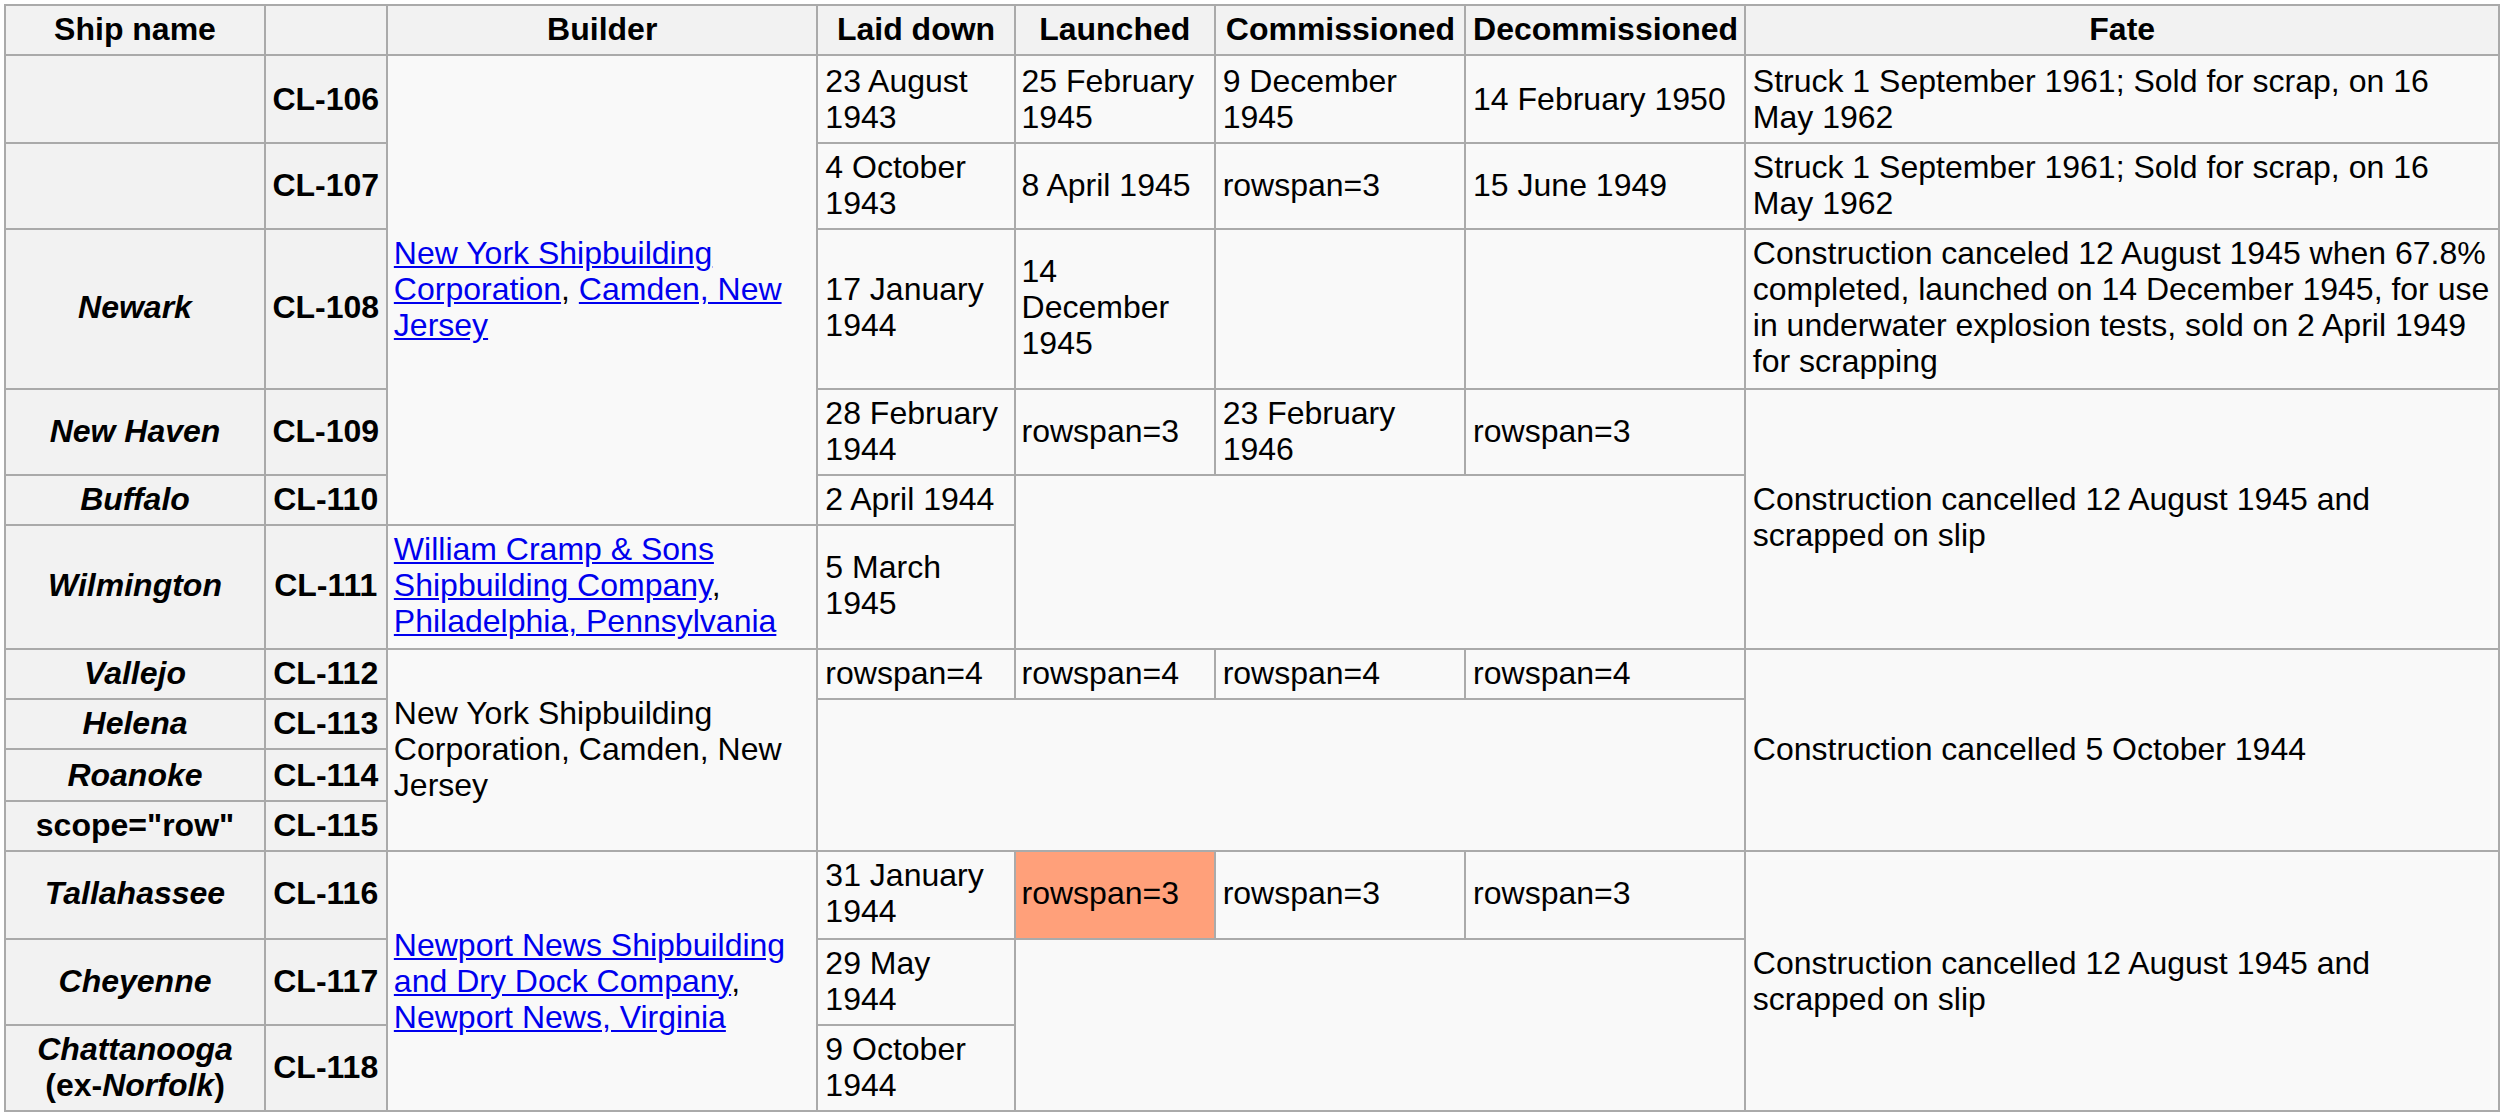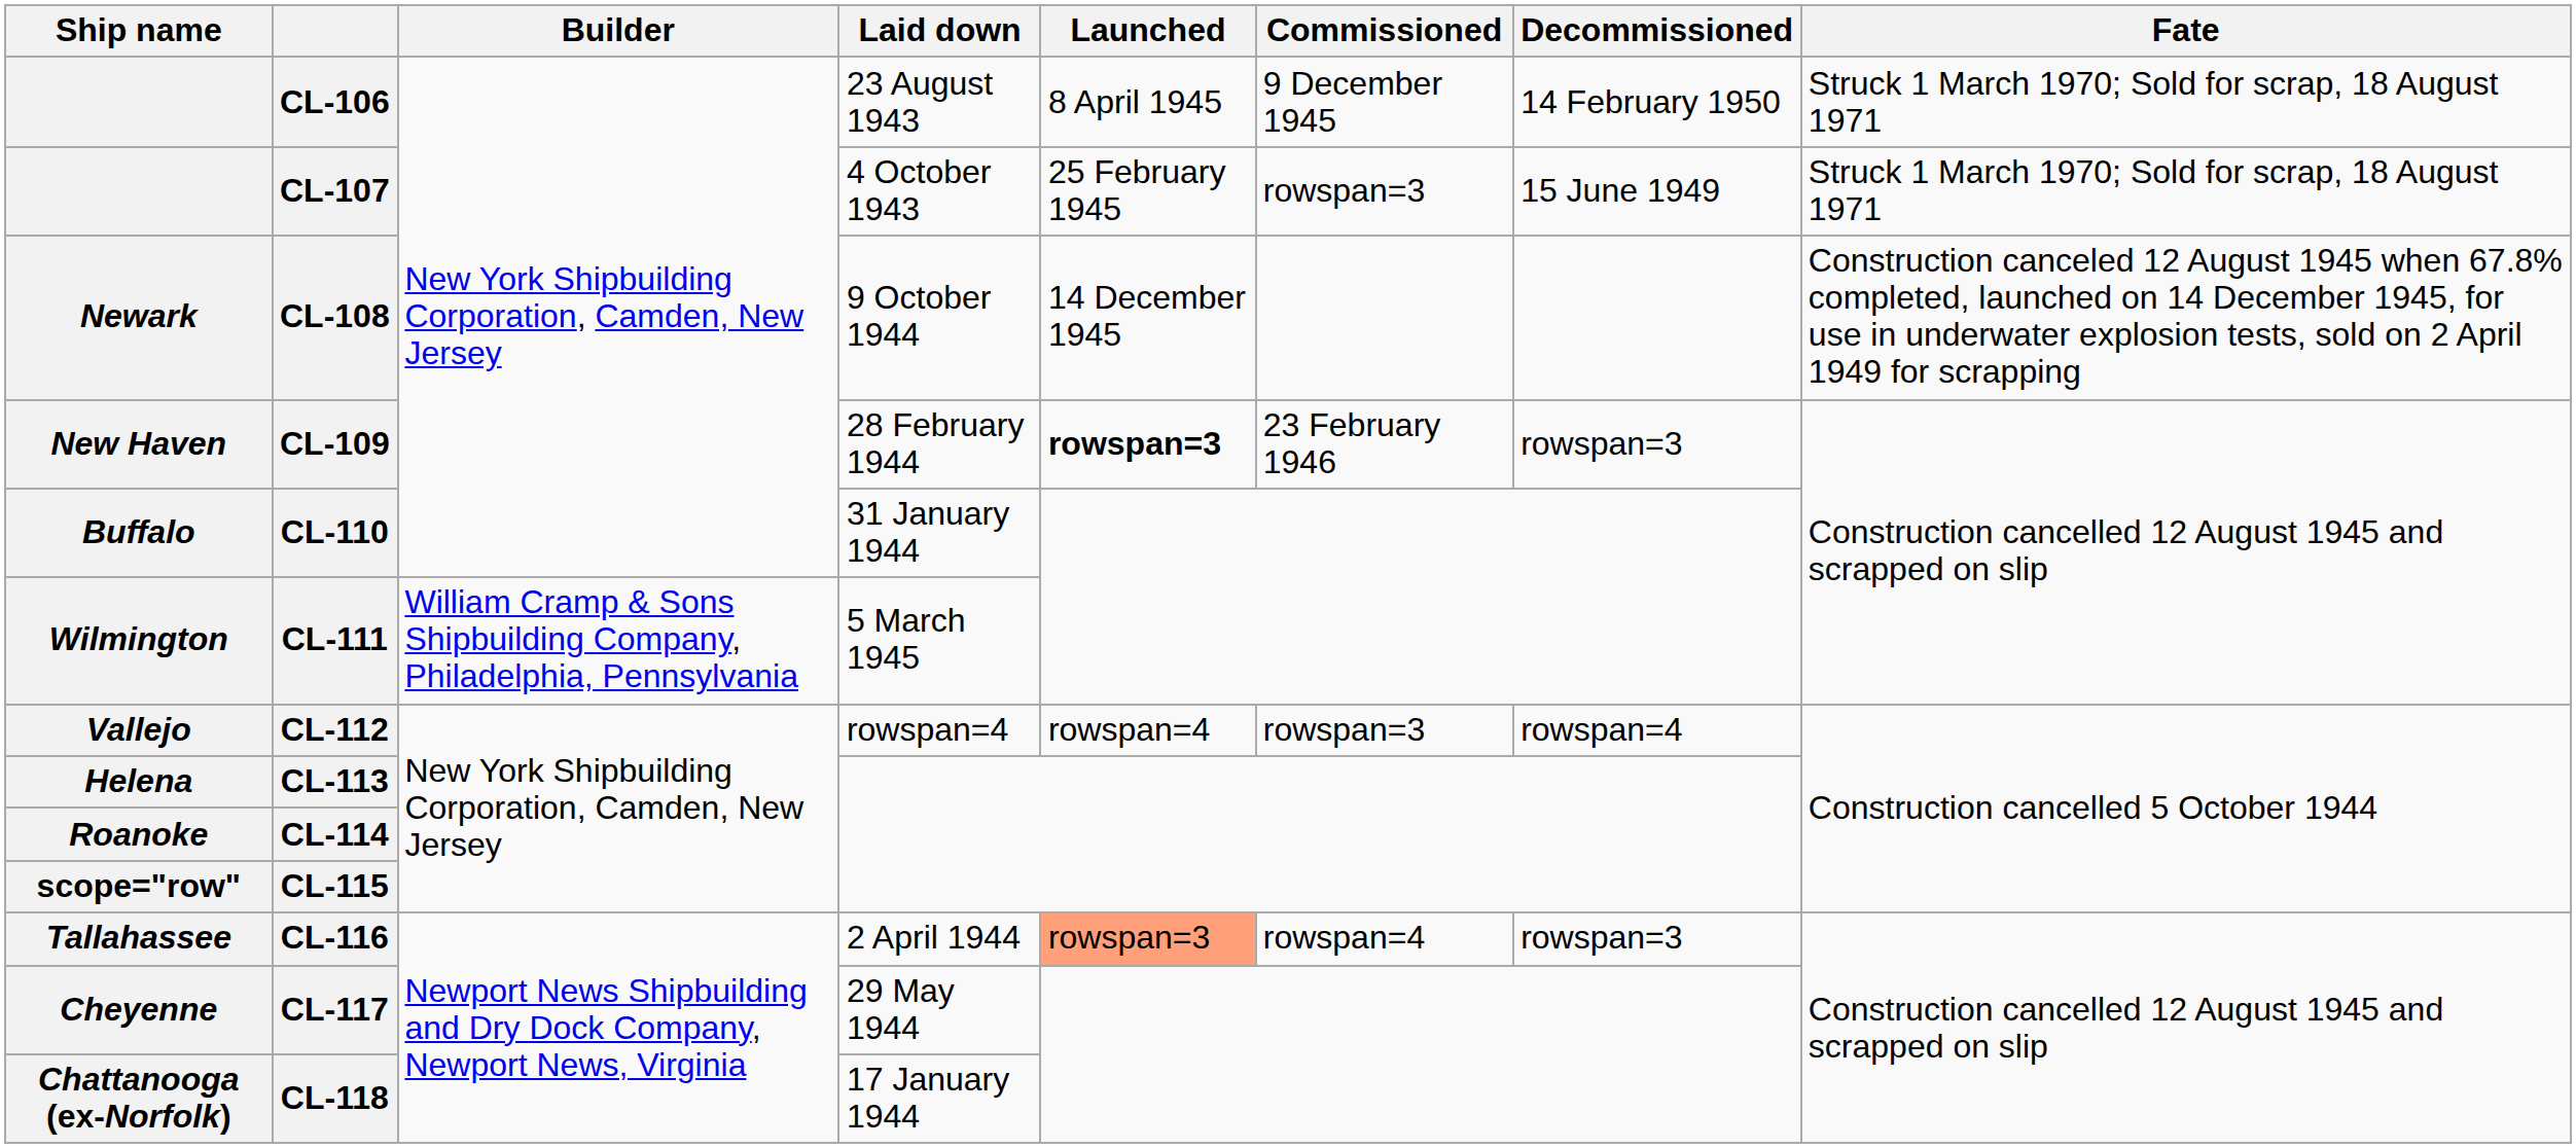 <table class="sortable wikitable plainrowheaders">
 <tr>
 <th scope="col">Ship name</th>
 <th scope="col"></th>
 <th scope="col">Builder</th>
 <th scope="col">Laid down</th>
 <th scope="col">Launched</th>
 <th scope="col">Commissioned</th>
 <th scope="col">Decommissioned</th>
 <th scope="col">Fate</th>
 </tr>
 <tr>
 <th scope="row"></th>
 <th scope="row" style="white-space: nowrap;">CL-106</th>
 <td rowspan=5><a href='#'>New York Shipbuilding Corporation</a>, <a href='#'>Camden, New Jersey</a></td>
 <td>23 August 1943</td>
-<td>25 February 1945</td>
+<td>8 April 1945</td>
 <td>9 December 1945</td>
 <td>14 February 1950</td>
-<td>Struck 1 September 1961; Sold for scrap, on 16 May 1962</td>
+<td>Struck 1 March 1970; Sold for scrap, 18 August 1971</td>
 </tr>
 <tr>
 <th scope="row"></th>
 <th scope="row">CL-107</th>
 <td>4 October 1943</td>
-<td>8 April 1945</td>
+<td>25 February 1945</td>
 <td>rowspan=3 </td>
 <td>15 June 1949</td>
-<td>Struck 1 September 1961; Sold for scrap, on 16 May 1962</td>
+<td>Struck 1 March 1970; Sold for scrap, 18 August 1971</td>
 </tr>
 <tr>
 <th scope="row"><em>Newark</em></th>
 <th scope="row">CL-108</th>
-<td>17 January 1944</td>
+<td>9 October 1944</td>
 <td>14 December 1945</td>
 <td></td>
 <td></td>
 <td>Construction canceled 12 August 1945 when 67.8% completed, launched on 14 December 1945, for use in underwater explosion tests, sold on 2 April 1949 for scrapping</td>
 </tr>
 <tr>
 <th scope="row"><em>New Haven</em></th>
 <th scope="row">CL-109</th>
 <td>28 February 1944</td>
-<td>rowspan=3 </td>
+<td><strong>rowspan=3 </strong></td>
 <td>23 February 1946</td>
 <td>rowspan=3 </td>
 <td rowspan=3>Construction cancelled 12 August 1945 and scrapped on slip</td>
 </tr>
 <tr>
 <th scope="row"><em>Buffalo</em></th>
 <th scope="row">CL-110</th>
-<td>2 April 1944</td>
+<td>31 January 1944</td>
 </tr>
 <tr>
 <th scope="row"><em>Wilmington</em></th>
 <th scope="row">CL-111</th>
 <td><a href='#'>William Cramp & Sons Shipbuilding Company</a>, <a href='#'>Philadelphia, Pennsylvania</a></td>
 <td>5 March 1945</td>
 </tr>
 <tr>
 <th scope="row"><em>Vallejo</em></th>
 <th scope="row">CL-112</th>
 <td rowspan=4>New York Shipbuilding Corporation, Camden, New Jersey</td>
 <td>rowspan=4 </td>
 <td>rowspan=4 </td>
-<td>rowspan=4 </td>
+<td>rowspan=3 </td>
 <td>rowspan=4 </td>
 <td rowspan=4>Construction cancelled 5 October 1944</td>
 </tr>
 <tr>
 <th scope="row"><em>Helena</em></th>
 <th scope="row">CL-113</th>
 </tr>
 <tr>
 <th scope="row"><em>Roanoke</em></th>
 <th scope="row">CL-114</th>
 </tr>
 <tr>
 <th>scope="row" </th>
 <th scope="row">CL-115</th>
 </tr>
 <tr>
 <th scope="row"><em>Tallahassee</em></th>
 <th scope="row">CL-116</th>
 <td rowspan=3><a href='#'>Newport News Shipbuilding and Dry Dock Company</a>, <a href='#'>Newport News, Virginia</a></td>
-<td>31 January 1944</td>
+<td>2 April 1944</td>
 <td style="background: lightsalmon;">rowspan=3 </td>
-<td>rowspan=3 </td>
+<td>rowspan=4 </td>
 <td>rowspan=3 </td>
 <td rowspan=3>Construction cancelled 12 August 1945 and scrapped on slip</td>
 </tr>
 <tr>
 <th scope="row"><em>Cheyenne</em></th>
 <th scope="row">CL-117</th>
 <td>29 May 1944</td>
 </tr>
 <tr>
 <th scope="row"><em>Chattanooga</em> (ex-<em>Norfolk</em>)</th>
 <th scope="row">CL-118</th>
-<td>9 October 1944</td>
+<td>17 January 1944</td>
 </tr>
 </table>
